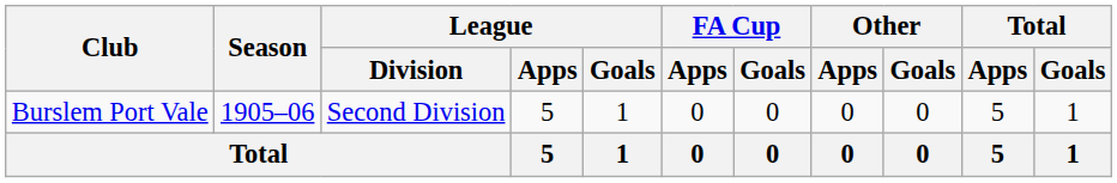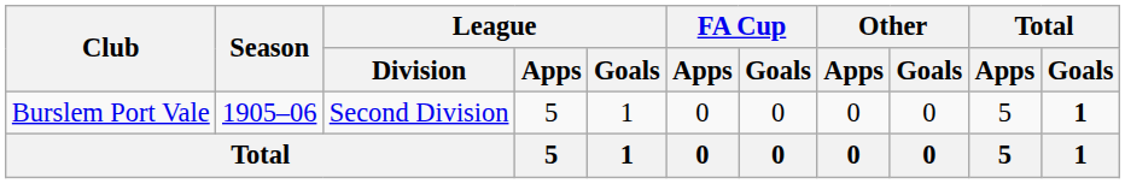 <table class="wikitable" style="text-align:center">
 <tr>
 <th rowspan="2">Club</th>
 <th rowspan="2">Season</th>
 <th colspan="3">League</th>
 <th colspan="2"><a href='#'>FA Cup</a></th>
 <th colspan="2">Other</th>
 <th colspan="2">Total</th>
 </tr>
 <tr>
 <th>Division</th>
 <th>Apps</th>
 <th>Goals</th>
 <th>Apps</th>
 <th>Goals</th>
 <th>Apps</th>
 <th>Goals</th>
 <th>Apps</th>
 <th>Goals</th>
 </tr>
 <tr>
 <td><a href='#'>Burslem Port Vale</a></td>
 <td><a href='#'>1905–06</a></td>
 <td><a href='#'>Second Division</a></td>
 <td>5</td>
 <td>1</td>
 <td>0</td>
 <td>0</td>
 <td>0</td>
 <td>0</td>
 <td>5</td>
-<td>1</td>
+<td><strong>1</strong></td>
 </tr>
 <tr>
 <th colspan="3">Total</th>
 <th>5</th>
 <th>1</th>
 <th>0</th>
 <th>0</th>
 <th>0</th>
 <th>0</th>
 <th>5</th>
 <th>1</th>
 </tr>
 </table>
